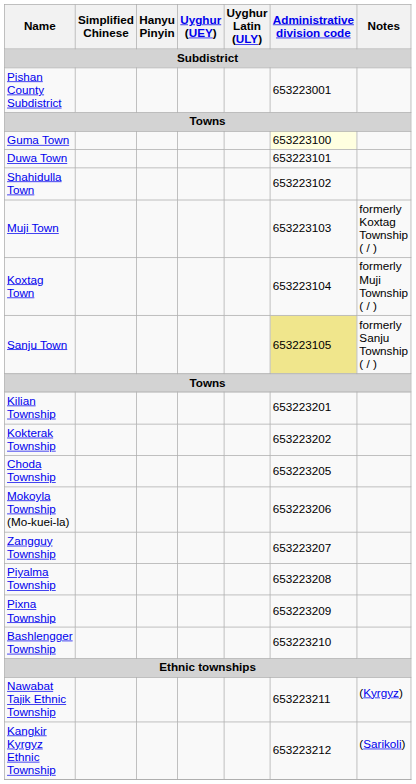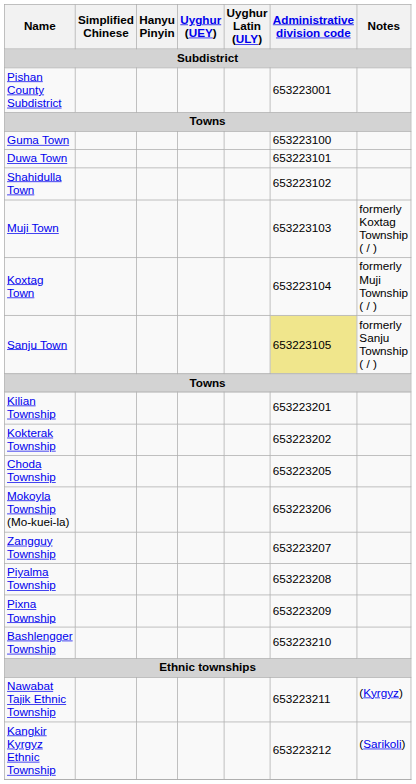 <table class="wikitable" align="center" style="width:50%; border="1">
 <tr>
 <th>Name</th>
 <th>Simplified Chinese</th>
 <th>Hanyu Pinyin</th>
 <th><a href='#'>Uyghur</a> (<a href='#'>UEY</a>)</th>
 <th>Uyghur Latin (<a href='#'>ULY</a>)</th>
 <th><a href='#'>Administrative division code</a></th>
 <th>Notes</th>
 </tr>
 <tr>
 <td colspan="8"  style="text-align:center; background:#d3d3d3;"><strong>Subdistrict</strong></td>
 </tr>
 <tr --------->
 <td><a href='#'>Pishan County Subdistrict</a></td>
 <td></td>
 <td></td>
 <td></td>
 <td></td>
 <td>653223001</td>
 <td></td>
 </tr>
 <tr>
 <td colspan="8"  style="text-align:center; background:#d3d3d3;"><strong>Towns</strong></td>
 </tr>
 <tr --------->
 <td><a href='#'>Guma Town</a></td>
 <td></td>
 <td></td>
 <td></td>
 <td></td>
-<td style="background: lightyellow;">653223100</td>
+<td>653223100</td>
 <td></td>
 </tr>
 <tr>
 <td><a href='#'>Duwa Town</a></td>
 <td></td>
 <td></td>
 <td></td>
 <td></td>
 <td>653223101</td>
 <td></td>
 </tr>
 <tr>
 <td><a href='#'>Shahidulla Town</a></td>
 <td></td>
 <td></td>
 <td></td>
 <td></td>
 <td>653223102</td>
 <td></td>
 </tr>
 <tr>
 <td><a href='#'>Muji Town</a></td>
 <td></td>
 <td></td>
 <td></td>
 <td></td>
 <td>653223103</td>
 <td>formerly Koxtag Township ( / )</td>
 </tr>
 <tr>
 <td><a href='#'>Koxtag Town</a></td>
 <td></td>
 <td></td>
 <td></td>
 <td></td>
 <td>653223104</td>
 <td>formerly Muji Township ( / )</td>
 </tr>
 <tr>
 <td><a href='#'>Sanju Town</a></td>
 <td></td>
 <td></td>
 <td></td>
 <td></td>
 <td style="background: khaki;">653223105</td>
 <td>formerly Sanju Township ( / )</td>
 </tr>
 <tr>
 <td colspan="8"  style="text-align:center; background:#d3d3d3;"><strong>Towns</strong></td>
 </tr>
 <tr --------->
 <td><a href='#'>Kilian Township</a></td>
 <td></td>
 <td></td>
 <td></td>
 <td></td>
 <td>653223201</td>
 <td></td>
 </tr>
 <tr>
 <td><a href='#'>Kokterak Township</a></td>
 <td></td>
 <td></td>
 <td></td>
 <td></td>
 <td>653223202</td>
 <td></td>
 </tr>
 <tr>
 <td><a href='#'>Choda Township</a></td>
 <td></td>
 <td></td>
 <td></td>
 <td></td>
 <td>653223205</td>
 <td></td>
 </tr>
 <tr>
 <td><a href='#'>Mokoyla Township</a><br>(Mo-kuei-la)</td>
 <td></td>
 <td></td>
 <td></td>
 <td></td>
 <td>653223206</td>
 <td></td>
 </tr>
 <tr>
 <td><a href='#'>Zangguy Township</a></td>
 <td></td>
 <td></td>
 <td></td>
 <td></td>
 <td>653223207</td>
 <td></td>
 </tr>
 <tr>
 <td><a href='#'>Piyalma Township</a></td>
 <td></td>
 <td></td>
 <td></td>
 <td></td>
 <td>653223208</td>
 <td></td>
 </tr>
 <tr>
 <td><a href='#'>Pixna Township</a></td>
 <td></td>
 <td></td>
 <td></td>
 <td></td>
 <td>653223209</td>
 <td></td>
 </tr>
 <tr>
 <td><a href='#'>Bashlengger Township</a></td>
 <td></td>
 <td></td>
 <td></td>
 <td></td>
 <td>653223210</td>
 <td></td>
 </tr>
 <tr>
 <td colspan="8"  style="text-align:center; background:#d3d3d3;"><strong>Ethnic townships</strong></td>
 </tr>
 <tr --------->
 <td><a href='#'>Nawabat Tajik Ethnic Township</a></td>
 <td></td>
 <td></td>
 <td></td>
 <td></td>
 <td>653223211</td>
 <td>(<a href='#'>Kyrgyz</a>)<br><br></td>
 </tr>
 <tr>
 <td><a href='#'>Kangkir Kyrgyz Ethnic Township</a></td>
 <td></td>
 <td></td>
 <td></td>
 <td></td>
 <td>653223212</td>
 <td>(<a href='#'>Sarikoli</a>)<br><br></td>
 </tr>
 <tr>
 </tr>
 </table>
